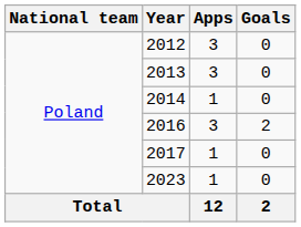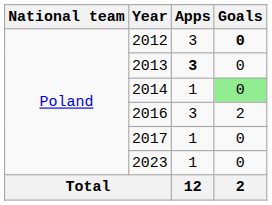 <table class="wikitable" style="text-align:center">
 <tr>
 <th>National team</th>
 <th>Year</th>
 <th>Apps</th>
 <th>Goals</th>
 </tr>
 <tr>
 <td rowspan="6"><a href='#'>Poland</a></td>
 <td>2012</td>
 <td>3</td>
-<td>0</td>
+<td><strong>0</strong></td>
 </tr>
 <tr>
 <td>2013</td>
-<td>3</td>
+<td><strong>3</strong></td>
 <td>0</td>
 </tr>
 <tr>
 <td>2014</td>
 <td>1</td>
-<td>0</td>
+<td style="background: lightgreen;">0</td>
 </tr>
 <tr>
 <td>2016</td>
 <td>3</td>
 <td>2</td>
 </tr>
 <tr>
 <td>2017</td>
 <td>1</td>
 <td>0</td>
 </tr>
 <tr>
 <td>2023</td>
 <td>1</td>
 <td>0</td>
 </tr>
 <tr>
 <th colspan="2">Total</th>
 <th>12</th>
 <th>2</th>
 </tr>
 </table>
